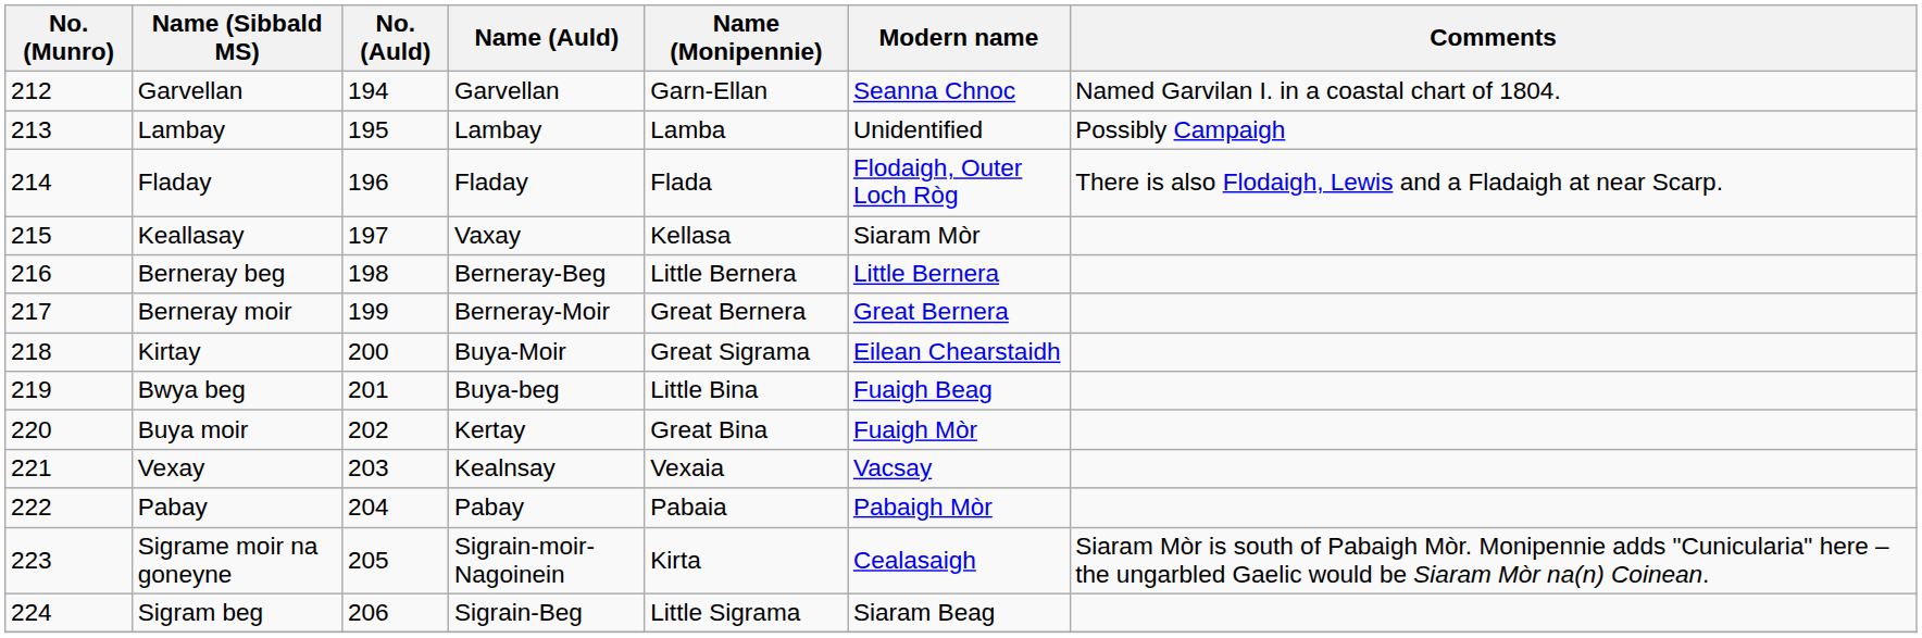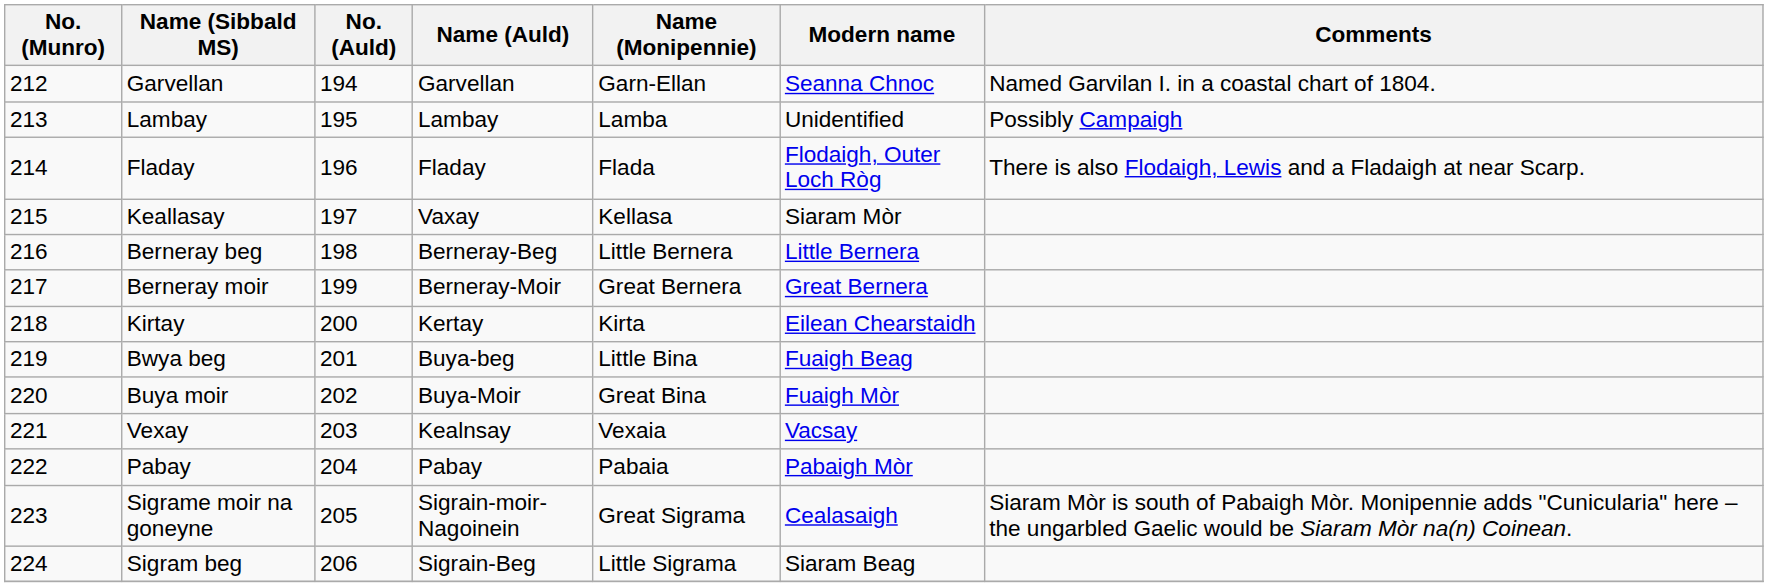 <table class="wikitable sortable">
 <tr>
 <th>No. (Munro)</th>
 <th>Name (Sibbald MS)</th>
 <th>No. (Auld)</th>
 <th>Name (Auld)</th>
 <th>Name (Monipennie)</th>
 <th>Modern name</th>
 <th>Comments</th>
 </tr>
 <tr>
 <td>212</td>
 <td>Garvellan</td>
 <td>194</td>
 <td>Garvellan</td>
 <td>Garn-Ellan</td>
 <td><a href='#'>Seanna Chnoc</a></td>
 <td>Named Garvilan I. in a coastal chart of 1804.</td>
 </tr>
 <tr>
 <td>213</td>
 <td>Lambay</td>
 <td>195</td>
 <td>Lambay</td>
 <td>Lamba</td>
 <td>Unidentified</td>
 <td>Possibly <a href='#'>Campaigh</a></td>
 </tr>
 <tr>
 <td>214</td>
 <td>Fladay</td>
 <td>196</td>
 <td>Fladay</td>
 <td>Flada</td>
 <td><a href='#'>Flodaigh, Outer Loch Ròg</a></td>
 <td>There is also <a href='#'>Flodaigh, Lewis</a> and a Fladaigh at  near Scarp.</td>
 </tr>
 <tr>
 <td>215</td>
 <td>Keallasay</td>
 <td>197</td>
 <td>Vaxay</td>
 <td>Kellasa</td>
 <td>Siaram Mòr</td>
 <td></td>
 </tr>
 <tr>
 <td>216</td>
 <td>Berneray beg</td>
 <td>198</td>
 <td>Berneray-Beg</td>
 <td>Little Bernera</td>
 <td><a href='#'>Little Bernera</a></td>
 <td></td>
 </tr>
 <tr>
 <td>217</td>
 <td>Berneray moir</td>
 <td>199</td>
 <td>Berneray-Moir</td>
 <td>Great Bernera</td>
 <td><a href='#'>Great Bernera</a></td>
 <td></td>
 </tr>
 <tr>
 <td>218</td>
 <td>Kirtay</td>
 <td>200</td>
-<td>Buya-Moir</td>
-<td>Great Sigrama</td>
+<td>Kertay</td>
+<td>Kirta</td>
 <td><a href='#'>Eilean Chearstaidh</a></td>
 <td></td>
 </tr>
 <tr>
 <td>219</td>
 <td>Bwya beg</td>
 <td>201</td>
 <td>Buya-beg</td>
 <td>Little Bina</td>
 <td><a href='#'>Fuaigh Beag</a></td>
 <td></td>
 </tr>
 <tr>
 <td>220</td>
 <td>Buya moir</td>
 <td>202</td>
-<td>Kertay</td>
+<td>Buya-Moir</td>
 <td>Great Bina</td>
 <td><a href='#'>Fuaigh Mòr</a></td>
 <td></td>
 </tr>
 <tr>
 <td>221</td>
 <td>Vexay</td>
 <td>203</td>
 <td>Kealnsay</td>
 <td>Vexaia</td>
 <td><a href='#'>Vacsay</a></td>
 <td></td>
 </tr>
 <tr>
 <td>222</td>
 <td>Pabay</td>
 <td>204</td>
 <td>Pabay</td>
 <td>Pabaia</td>
 <td><a href='#'>Pabaigh Mòr</a></td>
 <td></td>
 </tr>
 <tr>
 <td>223</td>
 <td>Sigrame moir na goneyne</td>
 <td>205</td>
 <td>Sigrain-moir-Nagoinein</td>
-<td>Kirta</td>
+<td>Great Sigrama</td>
 <td><a href='#'>Cealasaigh</a></td>
 <td>Siaram Mòr is south of Pabaigh Mòr. Monipennie adds "Cunicularia" here – the ungarbled Gaelic would be <em>Siaram Mòr na(n) Coinean</em>.</td>
 </tr>
 <tr>
 <td>224</td>
 <td>Sigram beg</td>
 <td>206</td>
 <td>Sigrain-Beg</td>
 <td>Little Sigrama</td>
 <td>Siaram Beag</td>
 <td></td>
 </tr>
 <tr>
 </tr>
 </table>
